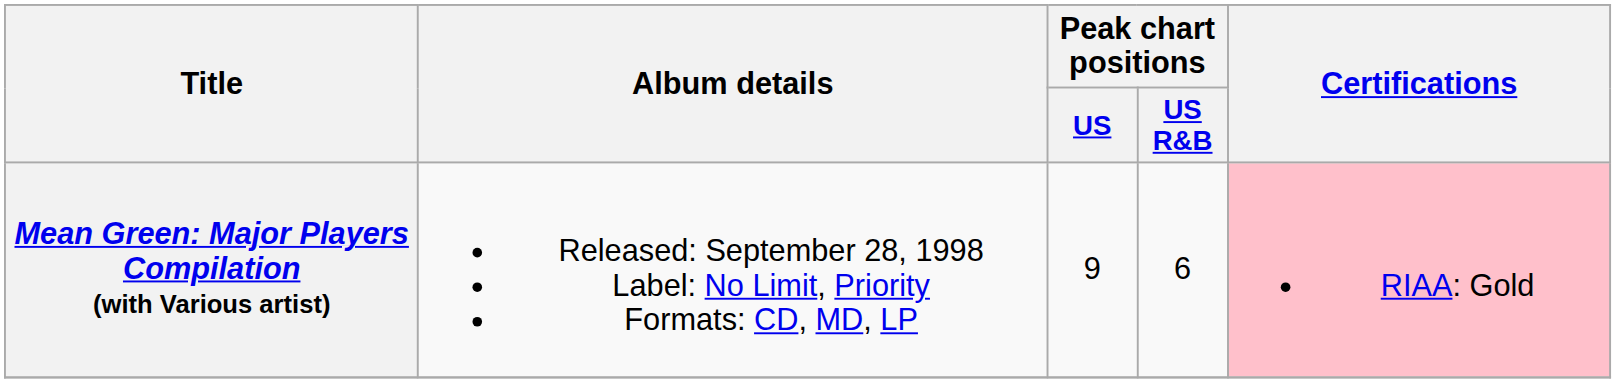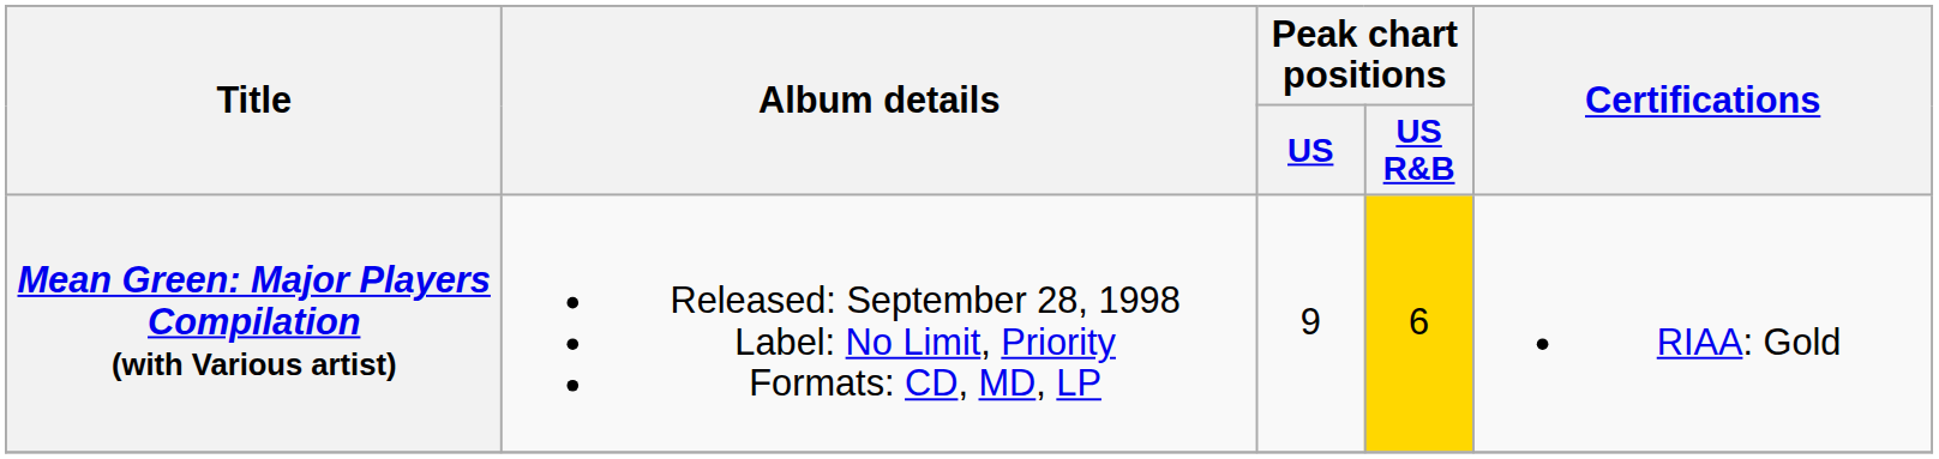 <table class="wikitable plainrowheaders" style="text-align:center;">
 <tr>
 <th scope="col" rowspan="2" style="width:13em;">Title</th>
 <th scope="col" rowspan="2" style="width:20em;">Album details</th>
 <th scope="col" colspan="2">Peak chart positions</th>
 <th scope="col" rowspan="2" style="width:12em;"><a href='#'>Certifications</a></th>
 </tr>
 <tr>
 <th scope="col" style="width:2.8em;font-size:90%;"><a href='#'>US</a><br></th>
 <th scope="col" style="width:2.8em;font-size:90%;"><a href='#'>US<br>R&B</a></th>
 </tr>
 <tr>
 <th scope="row"><em><a href='#'>Mean Green: Major Players Compilation</a></em><br><small>(with Various artist)</small></th>
 <td><br><ul><li>Released: September 28, 1998</li><li>Label: <a href='#'>No Limit</a>, <a href='#'>Priority</a></li><li>Formats: <a href='#'>CD</a>, <a href='#'>MD</a>, <a href='#'>LP</a></li></ul></td>
 <td>9</td>
-<td>6</td>
-<td style="background: pink;"><br><ul><li><a href='#'>RIAA</a>: Gold</li></ul></td>
+<td style="background: gold;">6</td>
+<td><br><ul><li><a href='#'>RIAA</a>: Gold</li></ul></td>
 </tr>
 <tr>
 </tr>
 </table>
